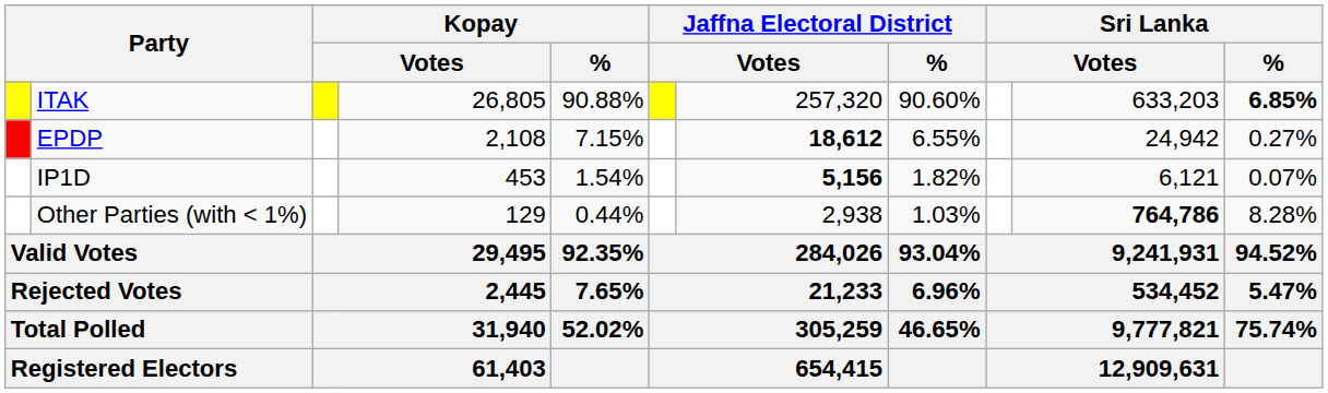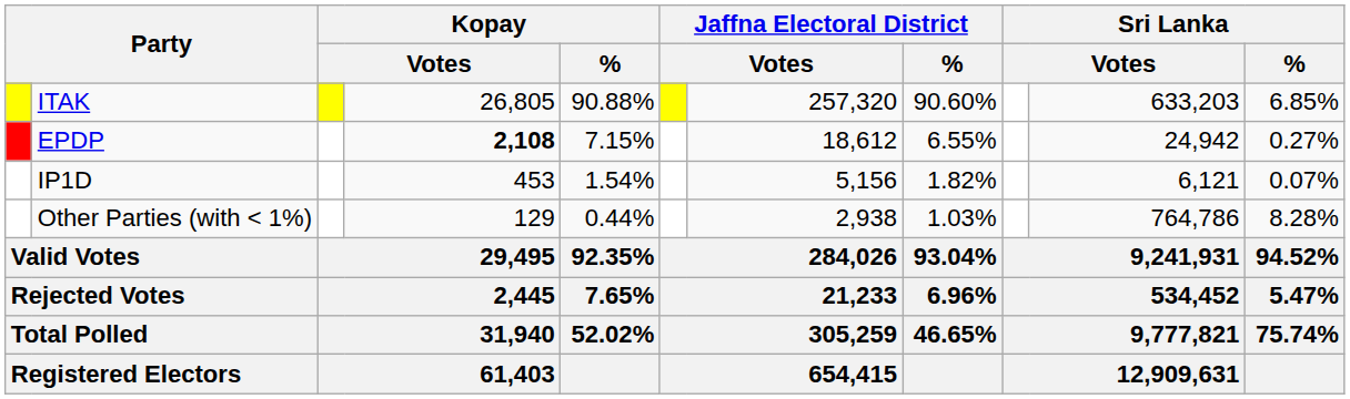 <table class="wikitable">
 <tr>
 <th colspan="2" width="144px"rowspan="2">Party</th>
 <th colspan="3" width="216px">Kopay</th>
 <th colspan="3" width="216px"><a href='#'>Jaffna Electoral District</a></th>
 <th colspan="3" width="216px">Sri Lanka</th>
 </tr>
 <tr>
 <th colspan="2" width="144px">Votes</th>
 <th>%</th>
 <th colspan="2" width="144px">Votes</th>
 <th>%</th>
 <th colspan="2" width="144px">Votes</th>
 <th>%</th>
 </tr>
 <tr>
 <td style="background-color:yellow;" width="10px"></td>
 <td style="text-align:left;"><a href='#'>ITAK</a></td>
 <td style="background-color:yellow;" width="10px"></td>
 <td style="text-align:right;">26,805</td>
 <td style="text-align:right;">90.88%</td>
 <td style="background-color:yellow;" width="10px"></td>
 <td style="text-align:right;">257,320</td>
 <td style="text-align:right;">90.60%</td>
 <td style="background-color:white;" width="10px"></td>
 <td style="text-align:right;">633,203</td>
-<td style="text-align:right;"><strong>6.85%</strong></td>
+<td style="text-align:right;">6.85%</td>
 </tr>
 <tr>
 <td style="background-color:red;" width="10px"></td>
 <td style="text-align:left;"><a href='#'>EPDP</a></td>
 <td style="background-color:white;" width="10px"></td>
-<td style="text-align:right;">2,108</td>
+<td style="text-align:right;"><strong>2,108</strong></td>
 <td style="text-align:right;">7.15%</td>
 <td style="background-color:white;" width="10px"></td>
-<td style="text-align:right;"><strong>18,612</strong></td>
+<td style="text-align:right;">18,612</td>
 <td style="text-align:right;">6.55%</td>
 <td style="background-color:white;" width="10px"></td>
 <td style="text-align:right;">24,942</td>
 <td style="text-align:right;">0.27%</td>
 </tr>
 <tr>
 <td style="background-color:white;" width="10px"></td>
 <td style="text-align:left;">IP1D</td>
 <td style="background-color:white;" width="10px"></td>
 <td style="text-align:right;">453</td>
 <td style="text-align:right;">1.54%</td>
 <td style="background-color:white;" width="10px"></td>
-<td style="text-align:right;"><strong>5,156</strong></td>
+<td style="text-align:right;">5,156</td>
 <td style="text-align:right;">1.82%</td>
 <td style="background-color:white;" width="10px"></td>
 <td style="text-align:right;">6,121</td>
 <td style="text-align:right;">0.07%</td>
 </tr>
 <tr>
 <td style="background-color:white;" width="10px"></td>
 <td style="text-align:left;">Other Parties (with < 1%)</td>
 <td style="background-color:white;" width="10px"></td>
 <td style="text-align:right;">129</td>
 <td style="text-align:right;">0.44%</td>
 <td style="background-color:white;" width="10px"></td>
 <td style="text-align:right;">2,938</td>
 <td style="text-align:right;">1.03%</td>
 <td style="background-color:white;" width="10px"></td>
-<td style="text-align:right;"><strong>764,786</strong></td>
+<td style="text-align:right;">764,786</td>
 <td style="text-align:right;">8.28%</td>
 </tr>
 <tr>
 <th colspan="2" width="144px"style="text-align:left;">Valid Votes</th>
 <th style="text-align:right;"colspan="2" width="144px">29,495</th>
 <th style="text-align:right;">92.35%</th>
 <th style="text-align:right;"colspan="2" width="144px">284,026</th>
 <th style="text-align:right;">93.04%</th>
 <th style="text-align:right;"colspan="2" width="144px">9,241,931</th>
 <th style="text-align:right;">94.52%</th>
 </tr>
 <tr>
 <th colspan="2" width="144px"style="text-align:left;">Rejected Votes</th>
 <th style="text-align:right;"colspan="2" width="144px">2,445</th>
 <th style="text-align:right;">7.65%</th>
 <th style="text-align:right;"colspan="2" width="144px">21,233</th>
 <th style="text-align:right;">6.96%</th>
 <th style="text-align:right;"colspan="2" width="144px">534,452</th>
 <th style="text-align:right;">5.47%</th>
 </tr>
 <tr>
 <th colspan="2" width="144px"style="text-align:left;">Total Polled</th>
 <th style="text-align:right;"colspan="2" width="144px">31,940</th>
 <th style="text-align:right;">52.02%</th>
 <th style="text-align:right;"colspan="2" width="144px">305,259</th>
 <th style="text-align:right;">46.65%</th>
 <th style="text-align:right;"colspan="2" width="144px">9,777,821</th>
 <th style="text-align:right;">75.74%</th>
 </tr>
 <tr>
 <th colspan="2" width="144px"style="text-align:left;">Registered Electors</th>
 <th style="text-align:right;"colspan="2" width="144px">61,403</th>
 <th></th>
 <th style="text-align:right;"colspan="2" width="144px">654,415</th>
 <th></th>
 <th style="text-align:right;"colspan="2" width="144px">12,909,631</th>
 <th></th>
 </tr>
 </table>
